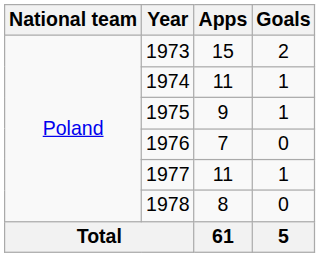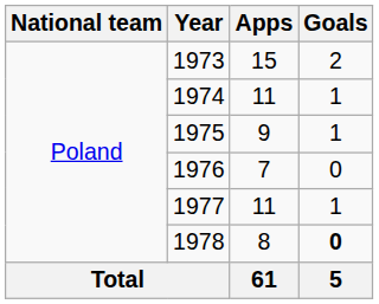 <table class="wikitable" style="text-align:center">
 <tr>
 <th>National team</th>
 <th>Year</th>
 <th>Apps</th>
 <th>Goals</th>
 </tr>
 <tr>
 <td rowspan="6"><a href='#'>Poland</a></td>
 <td>1973</td>
 <td>15</td>
 <td>2</td>
 </tr>
 <tr>
 <td>1974</td>
 <td>11</td>
 <td>1</td>
 </tr>
 <tr>
 <td>1975</td>
 <td>9</td>
 <td>1</td>
 </tr>
 <tr>
 <td>1976</td>
 <td>7</td>
 <td>0</td>
 </tr>
 <tr>
 <td>1977</td>
 <td>11</td>
 <td>1</td>
 </tr>
 <tr>
 <td>1978</td>
 <td>8</td>
-<td>0</td>
+<td><strong>0</strong></td>
 </tr>
 <tr>
 <th colspan="2">Total</th>
 <th>61</th>
 <th>5</th>
 </tr>
 </table>
